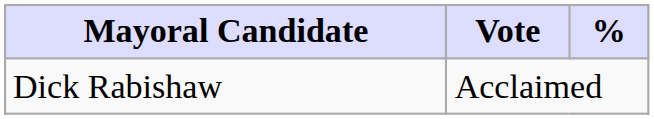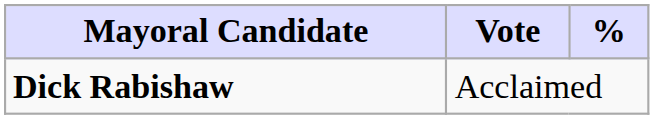 <table class="wikitable">
 <tr>
 <th style="background:#ddf; width:200px;">Mayoral Candidate </th>
 <th style="background:#ddf; width:50px;">Vote</th>
 <th style="background:#ddf; width:30px;">%</th>
 </tr>
 <tr>
-<td>Dick Rabishaw</td>
+<td><strong>Dick Rabishaw</strong></td>
 <td colspan="2">Acclaimed</td>
 </tr>
 </table>
